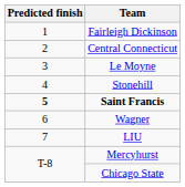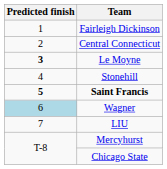 <table class="wikitable" border="1">
 <tr align=center>
 <th style= >Predicted finish</th>
 <th style= >Team</th>
 </tr>
 <tr align="center">
 <td>1</td>
 <td><a href='#'>Fairleigh Dickinson</a></td>
 </tr>
 <tr align="center">
 <td>2</td>
 <td><a href='#'>Central Connecticut</a></td>
 </tr>
 <tr align="center">
-<td>3</td>
+<td><strong>3</strong></td>
 <td><a href='#'>Le Moyne</a></td>
 </tr>
 <tr align="center">
 <td>4</td>
 <td><a href='#'>Stonehill</a></td>
 </tr>
 <tr align="center">
 <td><strong>5</strong></td>
 <td><strong>Saint Francis</strong></td>
 </tr>
 <tr align="center">
-<td>6</td>
+<td style="background: lightblue;">6</td>
 <td><a href='#'>Wagner</a></td>
 </tr>
 <tr align="center">
 <td>7</td>
 <td><a href='#'>LIU</a></td>
 </tr>
 <tr align="center">
 <td rowspan=2>T-8</td>
 <td><a href='#'>Mercyhurst</a></td>
 </tr>
 <tr align="center">
 <td><a href='#'>Chicago State</a></td>
 </tr>
 </table>
